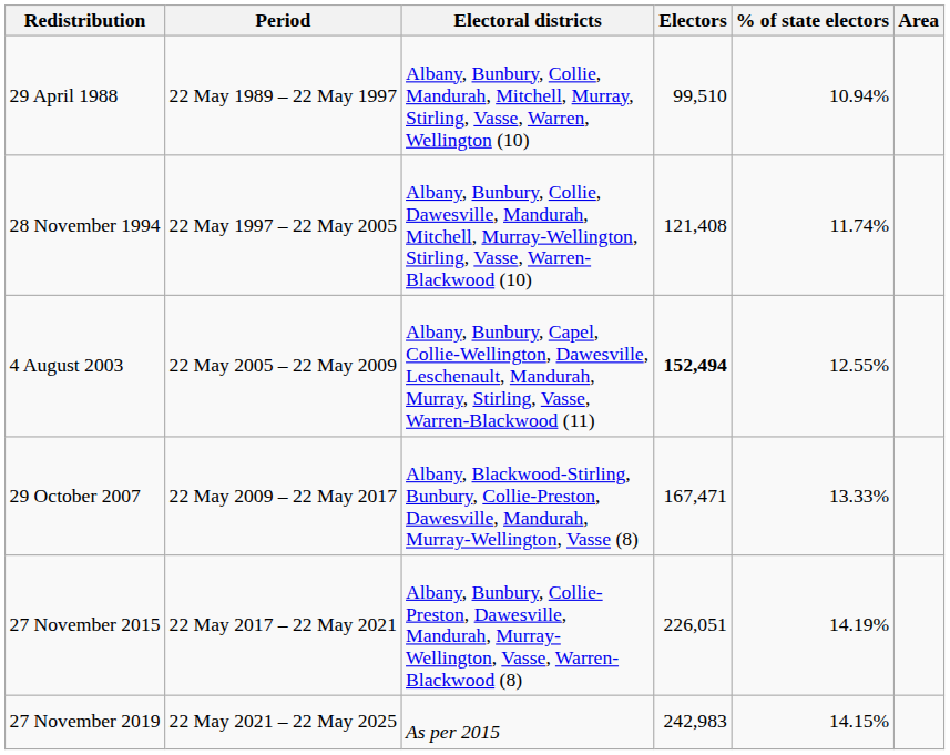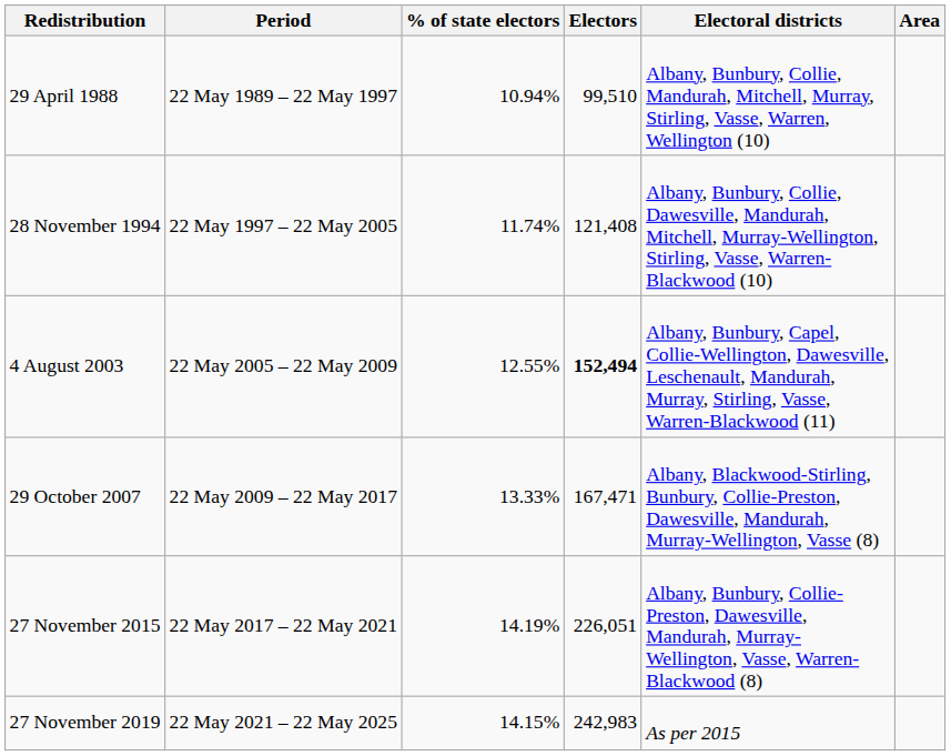 <table class="wikitable">
 <tr>
 <th>Redistribution</th>
 <th>Period</th>
+<th>% of state electors</th>
+<th>Electors</th>
 <th>Electoral districts</th>
-<th>Electors</th>
-<th>% of state electors</th>
 <th>Area</th>
 </tr>
 <tr>
 <td>29 April 1988</td>
 <td>22 May 1989 – 22 May 1997</td>
+<td align=right>10.94%</td>
+<td align=right>99,510</td>
 <td width = 200><br><a href='#'>Albany</a>,  <a href='#'>Bunbury</a>,  <a href='#'>Collie</a>,  <a href='#'>Mandurah</a>,  <a href='#'>Mitchell</a>,  <a href='#'>Murray</a>,  <a href='#'>Stirling</a>,  <a href='#'>Vasse</a>,  <a href='#'>Warren</a>,  <a href='#'>Wellington</a> (10)</td>
-<td align=right>99,510</td>
-<td align=right>10.94%</td>
 <td align=right></td>
 </tr>
 <tr>
 <td>28 November 1994</td>
 <td>22 May 1997 – 22 May 2005</td>
+<td align=right>11.74%</td>
+<td align=right>121,408</td>
 <td width = 200><br><a href='#'>Albany</a>,  <a href='#'>Bunbury</a>,  <a href='#'>Collie</a>,  <a href='#'>Dawesville</a>,  <a href='#'>Mandurah</a>,  <a href='#'>Mitchell</a>,  <a href='#'>Murray-Wellington</a>,  <a href='#'>Stirling</a>,  <a href='#'>Vasse</a>,  <a href='#'>Warren-Blackwood</a> (10)</td>
-<td align=right>121,408</td>
-<td align=right>11.74%</td>
 <td align=right></td>
 </tr>
 <tr>
 <td>4 August 2003</td>
 <td>22 May 2005 – 22 May 2009</td>
+<td align=right>12.55%</td>
+<td align=right><strong>152,494</strong></td>
 <td width = 200><br><a href='#'>Albany</a>,  <a href='#'>Bunbury</a>,  <a href='#'>Capel</a>,  <a href='#'>Collie-Wellington</a>,  <a href='#'>Dawesville</a>,  <a href='#'>Leschenault</a>,  <a href='#'>Mandurah</a>,  <a href='#'>Murray</a>,  <a href='#'>Stirling</a>,  <a href='#'>Vasse</a>,  <a href='#'>Warren-Blackwood</a> (11)</td>
-<td align=right><strong>152,494</strong></td>
-<td align=right>12.55%</td>
 <td align=right></td>
 </tr>
 <tr>
 <td>29 October 2007</td>
 <td>22 May 2009 – 22 May 2017</td>
+<td align=right>13.33%</td>
+<td align=right>167,471</td>
 <td width = 200><br><a href='#'>Albany</a>,  <a href='#'>Blackwood-Stirling</a>, <a href='#'>Bunbury</a>,  <a href='#'>Collie-Preston</a>,  <a href='#'>Dawesville</a>,  <a href='#'>Mandurah</a>,  <a href='#'>Murray-Wellington</a>,  <a href='#'>Vasse</a> (8)</td>
-<td align=right>167,471</td>
-<td align=right>13.33%</td>
 <td align=right></td>
 </tr>
 <tr>
 <td>27 November 2015</td>
 <td>22 May 2017 – 22 May 2021</td>
+<td align=right>14.19%</td>
+<td align=right>226,051</td>
 <td width = 200><br><a href='#'>Albany</a>,  <a href='#'>Bunbury</a>,  <a href='#'>Collie-Preston</a>,  <a href='#'>Dawesville</a>,  <a href='#'>Mandurah</a>,  <a href='#'>Murray-Wellington</a>,  <a href='#'>Vasse</a>,  <a href='#'>Warren-Blackwood</a> (8)</td>
-<td align=right>226,051</td>
-<td align=right>14.19%</td>
 <td align=right></td>
 </tr>
 <tr>
 <td>27 November 2019</td>
 <td>22 May 2021 – 22 May 2025</td>
+<td align=right>14.15%</td>
+<td align=right>242,983</td>
 <td width = 200><br><em>As per 2015</em></td>
-<td align=right>242,983</td>
-<td align=right>14.15%</td>
 <td align=right></td>
 </tr>
 </table>
